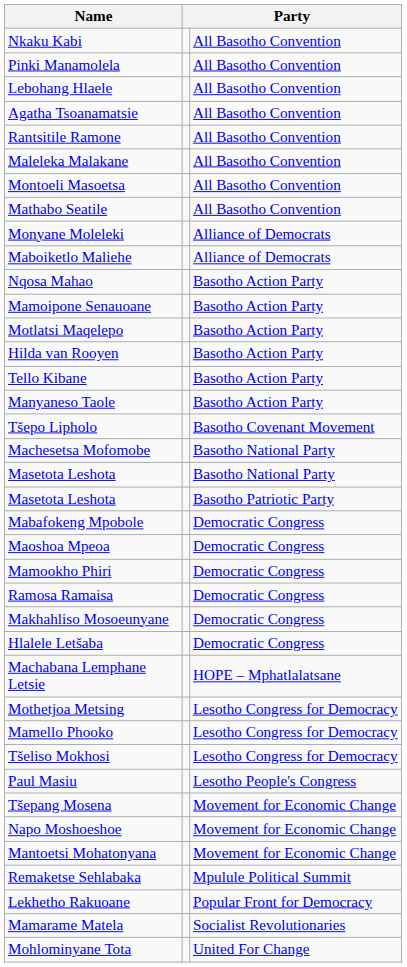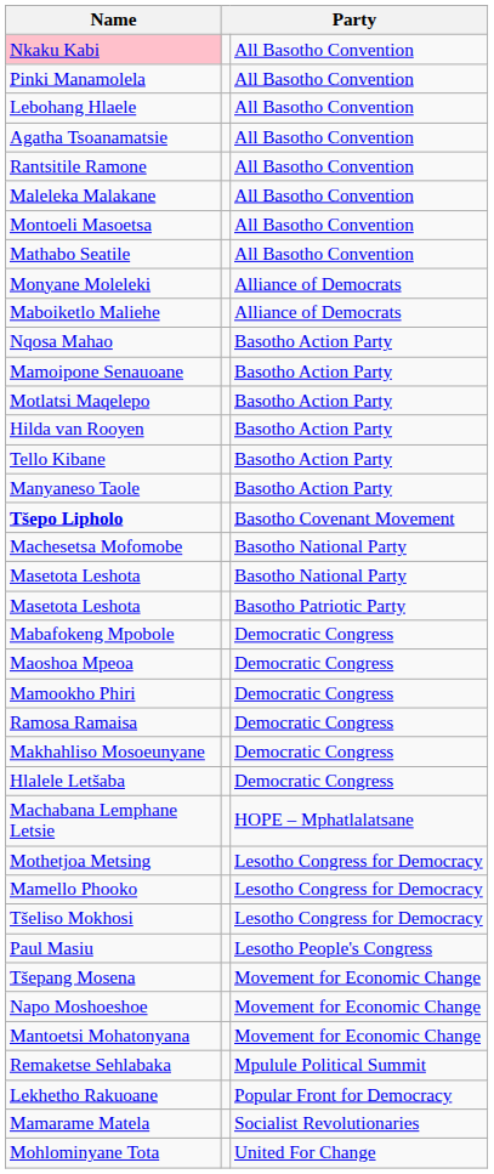 <table class="wikitable sortable" id="elected-mps">
 <tr>
 <th style="width:180px">Name</th>
 <th colspan=2>Party</th>
 </tr>
 <tr>
-<td><a href='#'>Nkaku Kabi</a></td>
+<td style="background: pink;"><a href='#'>Nkaku Kabi</a></td>
 <td style="background-color: "></td>
 <td><a href='#'>All Basotho Convention</a></td>
 </tr>
 <tr>
 <td><a href='#'>Pinki Manamolela</a></td>
 <td style="background-color: "></td>
 <td><a href='#'>All Basotho Convention</a></td>
 </tr>
 <tr>
 <td><a href='#'>Lebohang Hlaele</a></td>
 <td style="background-color: "></td>
 <td><a href='#'>All Basotho Convention</a></td>
 </tr>
 <tr>
 <td><a href='#'>Agatha Tsoanamatsie</a></td>
 <td style="background-color: "></td>
 <td><a href='#'>All Basotho Convention</a></td>
 </tr>
 <tr>
 <td><a href='#'>Rantsitile Ramone</a></td>
 <td style="background-color: "></td>
 <td><a href='#'>All Basotho Convention</a></td>
 </tr>
 <tr>
 <td><a href='#'>Maleleka Malakane</a></td>
 <td style="background-color: "></td>
 <td><a href='#'>All Basotho Convention</a></td>
 </tr>
 <tr>
 <td><a href='#'>Montoeli Masoetsa</a></td>
 <td style="background-color: "></td>
 <td><a href='#'>All Basotho Convention</a></td>
 </tr>
 <tr>
 <td><a href='#'>Mathabo Seatile</a></td>
 <td style="background-color: "></td>
 <td><a href='#'>All Basotho Convention</a></td>
 </tr>
 <tr>
 <td><a href='#'>Monyane Moleleki</a></td>
 <td style="background-color: "></td>
 <td><a href='#'>Alliance of Democrats</a></td>
 </tr>
 <tr>
 <td><a href='#'>Maboiketlo Maliehe</a></td>
 <td style="background-color: "></td>
 <td><a href='#'>Alliance of Democrats</a></td>
 </tr>
 <tr>
 <td><a href='#'>Nqosa Mahao</a></td>
 <td style="background-color: "></td>
 <td><a href='#'>Basotho Action Party</a></td>
 </tr>
 <tr>
 <td><a href='#'>Mamoipone Senauoane</a></td>
 <td style="background-color: "></td>
 <td><a href='#'>Basotho Action Party</a></td>
 </tr>
 <tr>
 <td><a href='#'>Motlatsi Maqelepo</a></td>
 <td style="background-color: "></td>
 <td><a href='#'>Basotho Action Party</a></td>
 </tr>
 <tr>
 <td><a href='#'>Hilda van Rooyen</a></td>
 <td style="background-color: "></td>
 <td><a href='#'>Basotho Action Party</a></td>
 </tr>
 <tr>
 <td><a href='#'>Tello Kibane</a></td>
 <td style="background-color: "></td>
 <td><a href='#'>Basotho Action Party</a></td>
 </tr>
 <tr>
 <td><a href='#'>Manyaneso Taole</a></td>
 <td style="background-color: "></td>
 <td><a href='#'>Basotho Action Party</a></td>
 </tr>
 <tr>
-<td><a href='#'>Tšepo Lipholo</a></td>
+<td><strong><a href='#'>Tšepo Lipholo</a></strong></td>
 <td style="background-color: "></td>
 <td><a href='#'>Basotho Covenant Movement</a></td>
 </tr>
 <tr>
 <td><a href='#'>Machesetsa Mofomobe</a></td>
 <td style="background-color: "></td>
 <td><a href='#'>Basotho National Party</a></td>
 </tr>
 <tr>
 <td><a href='#'>Masetota Leshota</a></td>
 <td style="background-color: "></td>
 <td><a href='#'>Basotho National Party</a></td>
 </tr>
 <tr>
 <td><a href='#'>Masetota Leshota</a></td>
 <td style="background-color: "></td>
 <td><a href='#'>Basotho Patriotic Party</a></td>
 </tr>
 <tr>
 <td><a href='#'>Mabafokeng Mpobole</a></td>
 <td style="background-color: "></td>
 <td><a href='#'>Democratic Congress</a></td>
 </tr>
 <tr>
 <td><a href='#'>Maoshoa Mpeoa</a></td>
 <td style="background-color: "></td>
 <td><a href='#'>Democratic Congress</a></td>
 </tr>
 <tr>
 <td><a href='#'>Mamookho Phiri</a></td>
 <td style="background-color: "></td>
 <td><a href='#'>Democratic Congress</a></td>
 </tr>
 <tr>
 <td><a href='#'>Ramosa Ramaisa</a></td>
 <td style="background-color: "></td>
 <td><a href='#'>Democratic Congress</a></td>
 </tr>
 <tr>
 <td><a href='#'>Makhahliso Mosoeunyane</a></td>
 <td style="background-color: "></td>
 <td><a href='#'>Democratic Congress</a></td>
 </tr>
 <tr>
 <td><a href='#'>Hlalele Letšaba</a></td>
 <td style="background-color: "></td>
 <td><a href='#'>Democratic Congress</a></td>
 </tr>
 <tr>
 <td><a href='#'>Machabana Lemphane Letsie</a></td>
 <td style="background-color: "></td>
 <td><a href='#'>HOPE – Mphatlalatsane</a></td>
 </tr>
 <tr>
 <td><a href='#'>Mothetjoa Metsing</a></td>
 <td style="background-color: "></td>
 <td><a href='#'>Lesotho Congress for Democracy</a></td>
 </tr>
 <tr>
 <td><a href='#'>Mamello Phooko</a></td>
 <td style="background-color: "></td>
 <td><a href='#'>Lesotho Congress for Democracy</a></td>
 </tr>
 <tr>
 <td><a href='#'>Tšeliso Mokhosi</a></td>
 <td style="background-color: "></td>
 <td><a href='#'>Lesotho Congress for Democracy</a></td>
 </tr>
 <tr>
 <td><a href='#'>Paul Masiu</a></td>
 <td style="background-color: "></td>
 <td><a href='#'>Lesotho People's Congress</a></td>
 </tr>
 <tr>
 <td><a href='#'>Tšepang Mosena</a></td>
 <td style="background-color: "></td>
 <td><a href='#'>Movement for Economic Change</a></td>
 </tr>
 <tr>
 <td><a href='#'>Napo Moshoeshoe</a></td>
 <td style="background-color: "></td>
 <td><a href='#'>Movement for Economic Change</a></td>
 </tr>
 <tr>
 <td><a href='#'>Mantoetsi Mohatonyana</a></td>
 <td style="background-color: "></td>
 <td><a href='#'>Movement for Economic Change</a></td>
 </tr>
 <tr>
 <td><a href='#'>Remaketse Sehlabaka</a></td>
 <td style="background-color: "></td>
 <td><a href='#'>Mpulule Political Summit</a></td>
 </tr>
 <tr>
 <td><a href='#'>Lekhetho Rakuoane</a></td>
 <td style="background-color: "></td>
 <td><a href='#'>Popular Front for Democracy</a></td>
 </tr>
 <tr>
 <td><a href='#'>Mamarame Matela</a></td>
 <td style="background-color: "></td>
 <td><a href='#'>Socialist Revolutionaries</a></td>
 </tr>
 <tr>
 <td><a href='#'>Mohlominyane Tota</a></td>
 <td style="background-color: "></td>
 <td><a href='#'>United For Change</a></td>
 </tr>
 </table>
